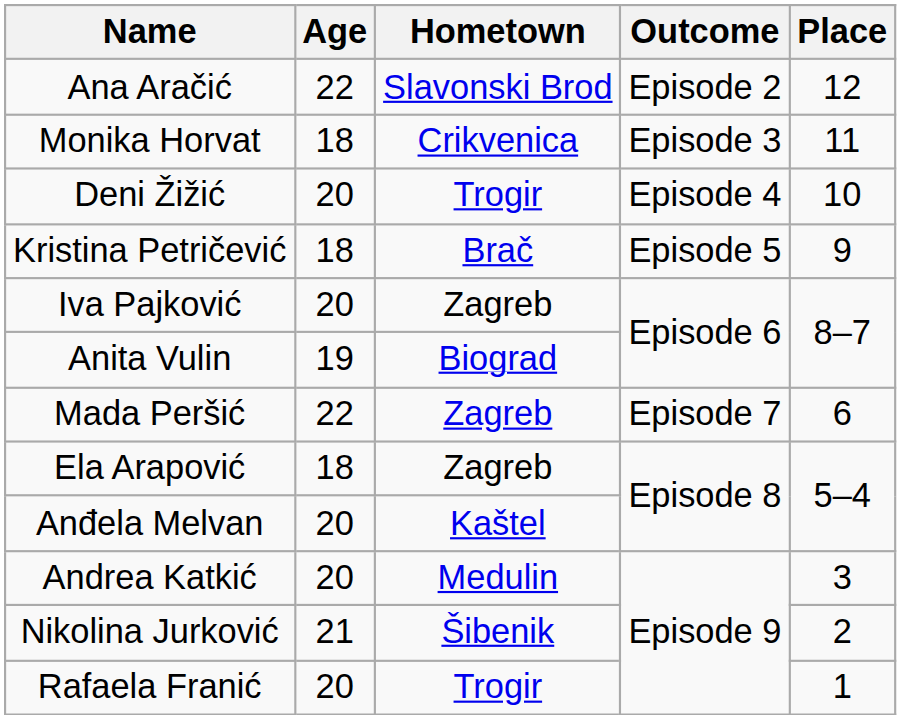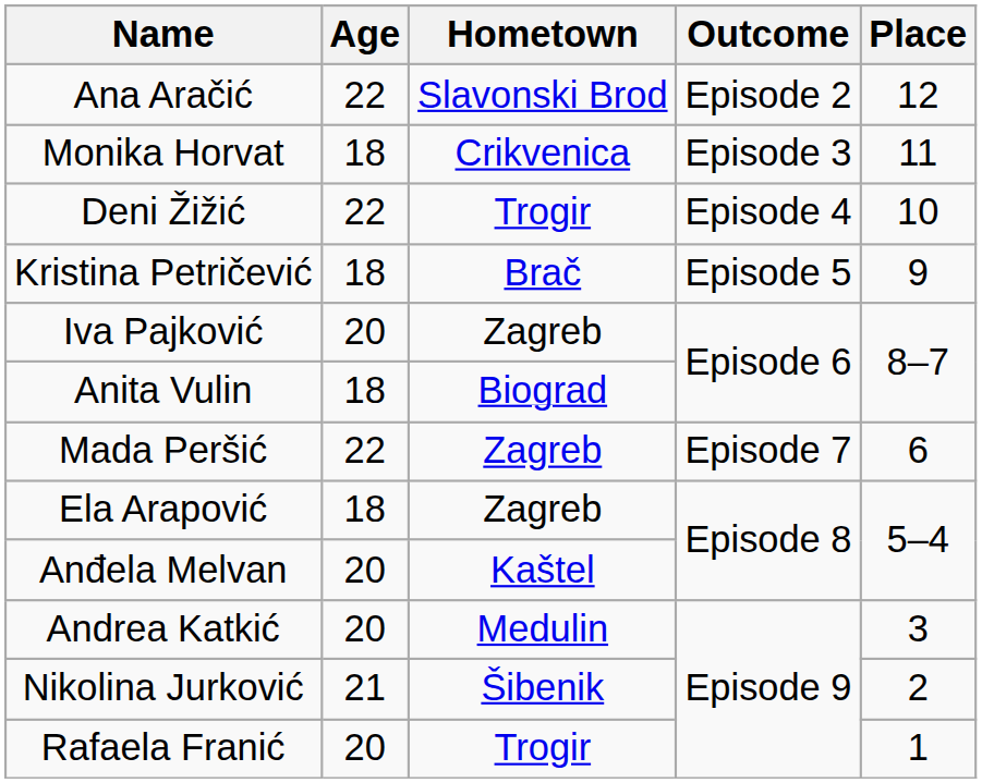 <table class="wikitable sortable" style="text-align:center;">
 <tr>
 <th>Name</th>
 <th>Age</th>
 <th>Hometown</th>
 <th>Outcome</th>
 <th>Place</th>
 </tr>
 <tr>
 <td>Ana Aračić</td>
 <td>22</td>
 <td><a href='#'>Slavonski Brod</a></td>
 <td>Episode 2</td>
 <td>12</td>
 </tr>
 <tr>
 <td>Monika Horvat</td>
 <td>18</td>
 <td><a href='#'>Crikvenica</a></td>
 <td>Episode 3</td>
 <td>11</td>
 </tr>
 <tr>
 <td>Deni Žižić</td>
-<td>20</td>
+<td>22</td>
 <td><a href='#'>Trogir</a></td>
 <td>Episode 4</td>
 <td>10</td>
 </tr>
 <tr>
 <td>Kristina Petričević</td>
 <td>18</td>
 <td><a href='#'>Brač</a></td>
 <td>Episode 5</td>
 <td>9</td>
 </tr>
 <tr>
 <td>Iva Pajković</td>
 <td>20</td>
 <td>Zagreb</td>
 <td rowspan="2">Episode 6</td>
 <td rowspan="2">8–7</td>
 </tr>
 <tr>
 <td>Anita Vulin</td>
-<td>19</td>
+<td>18</td>
 <td><a href='#'>Biograd</a></td>
 </tr>
 <tr>
 <td>Mada Peršić</td>
 <td>22</td>
 <td><a href='#'>Zagreb</a></td>
 <td>Episode 7</td>
 <td>6</td>
 </tr>
 <tr>
 <td>Ela Arapović</td>
 <td>18</td>
 <td>Zagreb</td>
 <td rowspan="2">Episode 8</td>
 <td rowspan="2">5–4</td>
 </tr>
 <tr>
 <td>Anđela Melvan</td>
 <td>20</td>
 <td><a href='#'>Kaštel</a></td>
 </tr>
 <tr>
 <td>Andrea Katkić</td>
 <td>20</td>
 <td><a href='#'>Medulin</a></td>
 <td rowspan="3">Episode 9</td>
 <td>3</td>
 </tr>
 <tr>
 <td>Nikolina Jurković</td>
 <td>21</td>
 <td><a href='#'>Šibenik</a></td>
 <td>2</td>
 </tr>
 <tr>
 <td>Rafaela Franić</td>
 <td>20</td>
 <td><a href='#'>Trogir</a></td>
 <td>1</td>
 </tr>
 </table>
